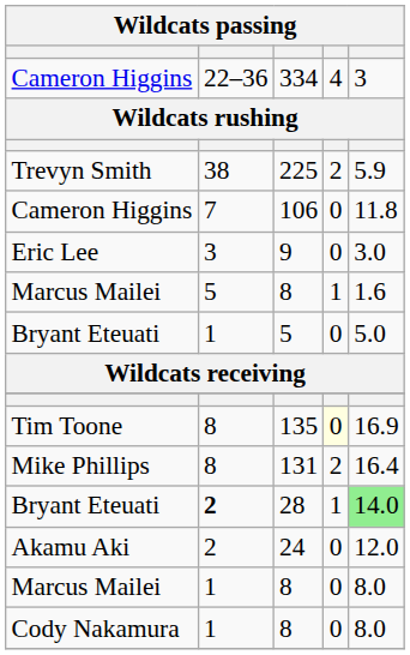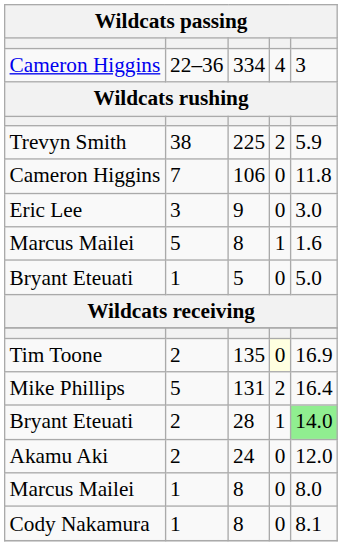 <table class="wikitable plainrowheaders">
 <tr>
 <th colspan="6">Wildcats passing</th>
 </tr>
 <tr>
 <th scope="col"></th>
 <th scope="col"></th>
 <th scope="col"></th>
 <th scope="col"></th>
 <th scope="col"></th>
 </tr>
 <tr>
 <td><a href='#'>Cameron Higgins</a></td>
 <td>22–36</td>
 <td>334</td>
 <td>4</td>
 <td>3</td>
 </tr>
 <tr>
 <th colspan="6">Wildcats rushing</th>
 </tr>
 <tr>
 <th scope="col"></th>
 <th scope="col"></th>
 <th scope="col"></th>
 <th scope="col"></th>
 <th scope="col"></th>
 </tr>
 <tr>
 <td>Trevyn Smith</td>
 <td>38</td>
 <td>225</td>
 <td>2</td>
 <td>5.9</td>
 </tr>
 <tr>
 <td>Cameron Higgins</td>
 <td>7</td>
 <td>106</td>
 <td>0</td>
 <td>11.8</td>
 </tr>
 <tr>
 <td>Eric Lee</td>
 <td>3</td>
 <td>9</td>
 <td>0</td>
 <td>3.0</td>
 </tr>
 <tr>
 <td>Marcus Mailei</td>
 <td>5</td>
 <td>8</td>
 <td>1</td>
 <td>1.6</td>
 </tr>
 <tr>
 <td>Bryant Eteuati</td>
 <td>1</td>
 <td>5</td>
 <td>0</td>
 <td>5.0</td>
 </tr>
 <tr>
 <th colspan="6">Wildcats receiving</th>
 </tr>
 <tr>
 </tr>
 <tr>
 <th scope="col"></th>
 <th scope="col"></th>
 <th scope="col"></th>
 <th scope="col"></th>
 <th scope="col"></th>
 </tr>
 <tr>
 <td>Tim Toone</td>
-<td>8</td>
+<td>2</td>
 <td>135</td>
 <td style="background: lightyellow;">0</td>
 <td>16.9</td>
 </tr>
 <tr>
 <td>Mike Phillips</td>
-<td>8</td>
+<td>5</td>
 <td>131</td>
 <td>2</td>
 <td>16.4</td>
 </tr>
 <tr>
 <td>Bryant Eteuati</td>
-<td><strong>2</strong></td>
+<td>2</td>
 <td>28</td>
 <td>1</td>
 <td style="background: lightgreen;">14.0</td>
 </tr>
 <tr>
 <td>Akamu Aki</td>
 <td>2</td>
 <td>24</td>
 <td>0</td>
 <td>12.0</td>
 </tr>
 <tr>
 <td>Marcus Mailei</td>
 <td>1</td>
 <td>8</td>
 <td>0</td>
 <td>8.0</td>
 </tr>
 <tr>
 <td>Cody Nakamura</td>
 <td>1</td>
 <td>8</td>
 <td>0</td>
-<td>8.0</td>
+<td>8.1</td>
 </tr>
 <tr>
 </tr>
 </table>
